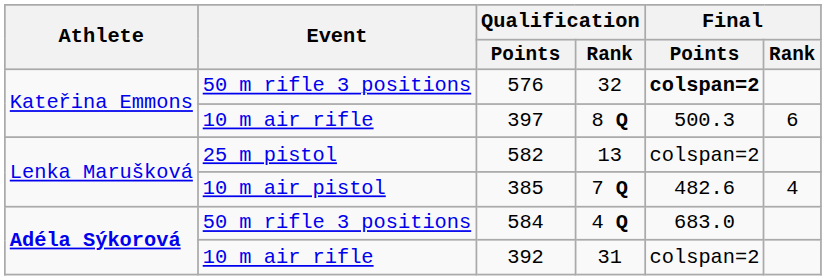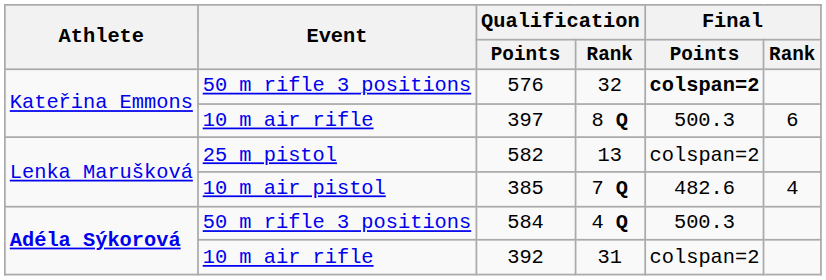 <table class="wikitable" style="font-size:90%">
 <tr>
 <th rowspan="2">Athlete</th>
 <th rowspan="2">Event</th>
 <th colspan=2>Qualification</th>
 <th colspan=2>Final</th>
 </tr>
 <tr style="font-size:95%">
 <th>Points</th>
 <th>Rank</th>
 <th>Points</th>
 <th>Rank</th>
 </tr>
 <tr align=center>
 <td align=left rowspan=2><a href='#'>Kateřina Emmons</a></td>
 <td align=left><a href='#'>50 m rifle 3 positions</a></td>
 <td>576</td>
 <td>32</td>
 <td><strong>colspan=2 </strong></td>
 </tr>
 <tr align=center>
 <td align=left><a href='#'>10 m air rifle</a></td>
 <td>397</td>
 <td>8 <strong>Q</strong></td>
 <td>500.3</td>
 <td>6</td>
 </tr>
 <tr align=center>
 <td align=left rowspan=2><a href='#'>Lenka Marušková</a></td>
 <td align=left><a href='#'>25 m pistol</a></td>
 <td>582</td>
 <td>13</td>
 <td>colspan=2 </td>
 </tr>
 <tr align=center>
 <td align=left><a href='#'>10 m air pistol</a></td>
 <td>385</td>
 <td>7 <strong>Q</strong></td>
 <td>482.6</td>
 <td>4</td>
 </tr>
 <tr align=center>
 <td align=left rowspan=2><strong><a href='#'>Adéla Sýkorová</a></strong></td>
 <td align=left><a href='#'>50 m rifle 3 positions</a></td>
 <td>584</td>
 <td>4 <strong>Q</strong></td>
-<td>683.0</td>
+<td>500.3</td>
 <td></td>
 </tr>
 <tr align=center>
 <td align=left><a href='#'>10 m air rifle</a></td>
 <td>392</td>
 <td>31</td>
 <td>colspan=2 </td>
 </tr>
 </table>
